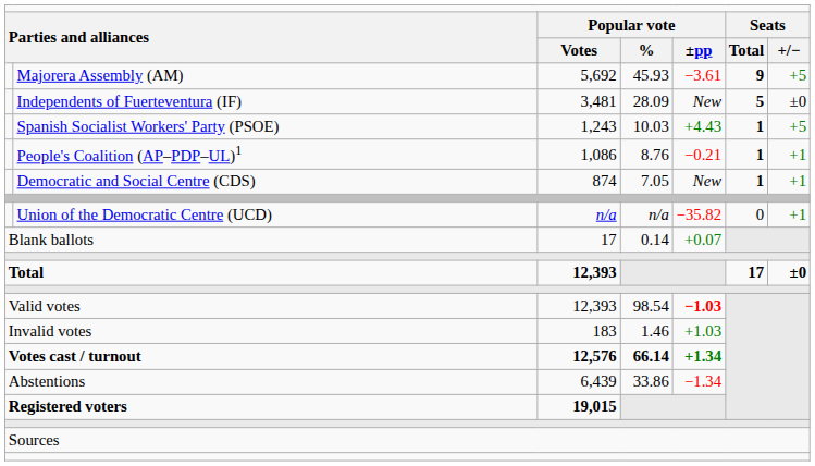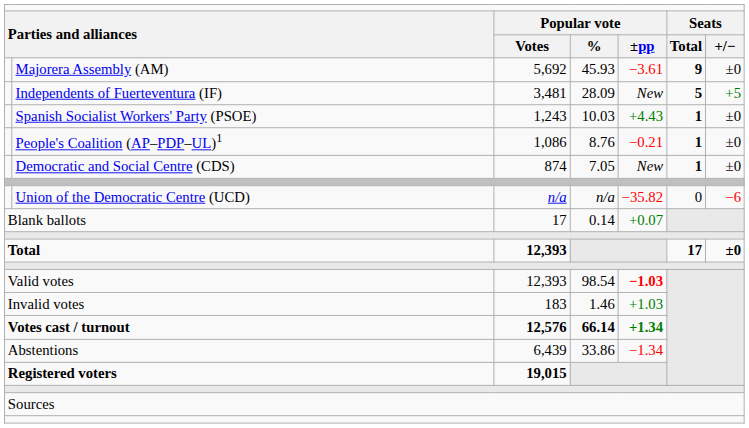 <table class="wikitable" style="text-align:right;">
 <tr>
 <td colspan="7"></td>
 </tr>
 <tr>
 <th style="text-align:left;" rowspan="2" colspan="2" width="525">Parties and alliances</th>
 <th colspan="3">Popular vote</th>
 <th colspan="2">Seats</th>
 </tr>
 <tr>
 <th width="75">Votes</th>
 <th width="45">%</th>
 <th width="45">±<a href='#'>pp</a></th>
 <th width="35">Total</th>
 <th width="35">+/−</th>
 </tr>
 <tr>
 <td width="1" style="color:inherit;background:"></td>
 <td align="left"><a href='#'>Majorera Assembly</a> (AM)</td>
 <td>5,692</td>
 <td>45.93</td>
 <td style="color:red;">−3.61</td>
 <td><strong>9</strong></td>
-<td style="color:green;">+5</td>
+<td>±0</td>
 </tr>
 <tr>
 <td style="color:inherit;background:"></td>
 <td align="left"><a href='#'>Independents of Fuerteventura</a> (IF)</td>
 <td>3,481</td>
 <td>28.09</td>
 <td><em>New</em></td>
 <td><strong>5</strong></td>
-<td>±0</td>
+<td style="color:green;">+5</td>
 </tr>
 <tr>
 <td style="color:inherit;background:"></td>
 <td align="left"><a href='#'>Spanish Socialist Workers' Party</a> (PSOE)</td>
 <td>1,243</td>
 <td>10.03</td>
 <td style="color:green;">+4.43</td>
 <td><strong>1</strong></td>
-<td style="color:green;">+5</td>
+<td>±0</td>
 </tr>
 <tr>
 <td style="color:inherit;background:"></td>
 <td align="left"><a href='#'>People's Coalition</a> (<a href='#'>AP</a>–<a href='#'>PDP</a>–<a href='#'>UL</a>)<sup>1</sup></td>
 <td>1,086</td>
 <td>8.76</td>
 <td style="color:red;">−0.21</td>
 <td><strong>1</strong></td>
-<td style="color:green;">+1</td>
+<td>±0</td>
 </tr>
 <tr>
 <td style="color:inherit;background:"></td>
 <td align="left"><a href='#'>Democratic and Social Centre</a> (CDS)</td>
 <td>874</td>
 <td>7.05</td>
 <td><em>New</em></td>
 <td><strong>1</strong></td>
-<td style="color:green;">+1</td>
+<td>±0</td>
 </tr>
 <tr>
 <td colspan="7" bgcolor="#C0C0C0"></td>
 </tr>
 <tr>
 <td style="color:inherit;background:"></td>
 <td align="left"><a href='#'>Union of the Democratic Centre</a> (UCD)</td>
 <td><em><a href='#'>n/a</a></em></td>
 <td><em>n/a</em></td>
 <td style="color:red;">−35.82</td>
 <td>0</td>
-<td style="color:green;">+1</td>
+<td style="color:red;">−6</td>
 </tr>
 <tr>
 <td align="left" colspan="2">Blank ballots</td>
 <td>17</td>
 <td>0.14</td>
 <td style="color:green;">+0.07</td>
 <td bgcolor="#E9E9E9" colspan="2"></td>
 </tr>
 <tr>
 <td colspan="7" bgcolor="#E9E9E9"></td>
 </tr>
 <tr style="font-weight:bold;">
 <td align="left" colspan="2">Total</td>
 <td>12,393</td>
 <td bgcolor="#E9E9E9" colspan="2"></td>
 <td>17</td>
 <td>±0</td>
 </tr>
 <tr>
 <td colspan="7" bgcolor="#E9E9E9"></td>
 </tr>
 <tr>
 <td align="left" colspan="2">Valid votes</td>
 <td>12,393</td>
 <td>98.54</td>
 <td style="color:red;"><strong>−1.03</strong></td>
 <td bgcolor="#E9E9E9" colspan="2" rowspan="5"></td>
 </tr>
 <tr>
 <td align="left" colspan="2">Invalid votes</td>
 <td>183</td>
 <td>1.46</td>
 <td style="color:green;">+1.03</td>
 </tr>
 <tr style="font-weight:bold;">
 <td align="left" colspan="2">Votes cast / turnout</td>
 <td>12,576</td>
 <td>66.14</td>
 <td style="color:green;">+1.34</td>
 </tr>
 <tr>
 <td align="left" colspan="2">Abstentions</td>
 <td>6,439</td>
 <td>33.86</td>
 <td style="color:red;">−1.34</td>
 </tr>
 <tr style="font-weight:bold;">
 <td align="left" colspan="2">Registered voters</td>
 <td>19,015</td>
 <td bgcolor="#E9E9E9" colspan="2"></td>
 </tr>
 <tr>
 <td colspan="7" bgcolor="#E9E9E9"></td>
 </tr>
 <tr>
 <td align="left" colspan="7">Sources</td>
 </tr>
 <tr>
 <td colspan="7" style="text-align:left; max-width:790px;"></td>
 </tr>
 </table>
